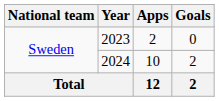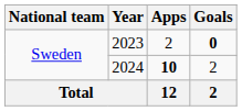 <table class="wikitable" style="text-align:center">
 <tr>
 <th>National team</th>
 <th>Year</th>
 <th>Apps</th>
 <th>Goals</th>
 </tr>
 <tr>
 <td rowspan="2"><a href='#'>Sweden</a></td>
 <td>2023</td>
 <td>2</td>
-<td>0</td>
+<td><strong>0</strong></td>
 </tr>
 <tr>
 <td>2024</td>
-<td>10</td>
+<td><strong>10</strong></td>
 <td>2</td>
 </tr>
 <tr>
 <th colspan="2">Total</th>
 <th>12</th>
 <th>2</th>
 </tr>
 </table>
